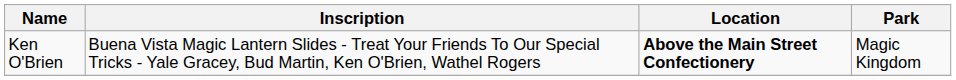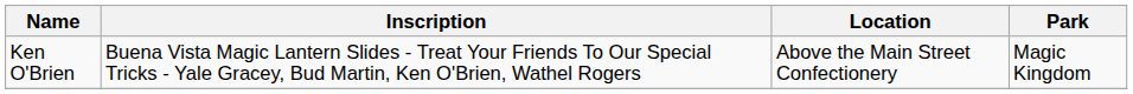 <table class="wikitable" style="font-size: 95%">
 <tr>
 <th>Name</th>
 <th>Inscription</th>
 <th>Location</th>
 <th>Park</th>
 </tr>
 <tr>
 <td>Ken O'Brien</td>
 <td>Buena Vista Magic Lantern Slides - Treat Your Friends To Our Special Tricks - Yale Gracey, Bud Martin, Ken O'Brien, Wathel Rogers</td>
-<td><strong>Above the Main Street Confectionery</strong></td>
+<td>Above the Main Street Confectionery</td>
 <td>Magic Kingdom</td>
 </tr>
 <tr>
 </tr>
 </table>
